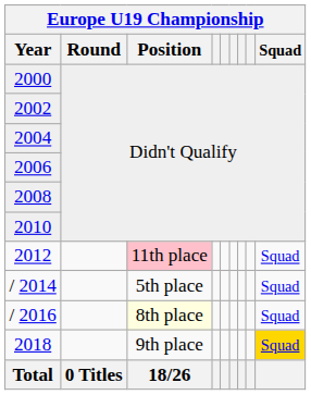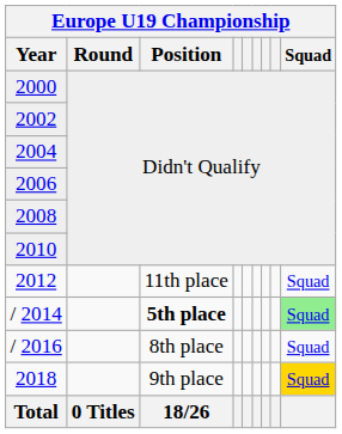 <table class="wikitable" style="text-align: center;">
 <tr>
 <th colspan=9><a href='#'>Europe U19 Championship</a></th>
 </tr>
 <tr>
 <th>Year</th>
 <th>Round</th>
 <th>Position</th>
 <th></th>
 <th></th>
 <th></th>
 <th></th>
 <th></th>
 <th><small>Squad</small></th>
 </tr>
 <tr bgcolor="efefef">
 <td> <a href='#'>2000</a></td>
 <td colspan=8 rowspan=6>Didn't Qualify</td>
 </tr>
 <tr bgcolor="efefef">
 <td> <a href='#'>2002</a></td>
 </tr>
 <tr bgcolor="efefef">
 <td> <a href='#'>2004</a></td>
 </tr>
 <tr bgcolor="efefef">
 <td> <a href='#'>2006</a></td>
 </tr>
 <tr bgcolor="efefef">
 <td> <a href='#'>2008</a></td>
 </tr>
 <tr bgcolor="efefef">
 <td> <a href='#'>2010</a></td>
 </tr>
 <tr>
 <td> <a href='#'>2012</a></td>
 <td></td>
-<td style="background: pink;">11th place</td>
+<td>11th place</td>
 <td></td>
 <td></td>
 <td></td>
 <td></td>
 <td></td>
 <td><small> <a href='#'>Squad</a></small></td>
 </tr>
 <tr>
 <td>/ <a href='#'>2014</a></td>
 <td></td>
-<td>5th place</td>
+<td><strong>5th place</strong></td>
 <td></td>
 <td></td>
 <td></td>
 <td></td>
 <td></td>
-<td><small> <a href='#'>Squad</a></small></td>
+<td style="background: lightgreen;"><small> <a href='#'>Squad</a></small></td>
 </tr>
 <tr>
 <td>/ <a href='#'>2016</a></td>
 <td></td>
-<td style="background: lightyellow;">8th place</td>
+<td>8th place</td>
 <td></td>
 <td></td>
 <td></td>
 <td></td>
 <td></td>
 <td><small> <a href='#'>Squad</a></small></td>
 </tr>
 <tr>
 <td> <a href='#'>2018</a></td>
 <td></td>
 <td>9th place</td>
 <td></td>
 <td></td>
 <td></td>
 <td></td>
 <td></td>
 <td style="background: gold;"><small> <a href='#'>Squad</a></small></td>
 </tr>
 <tr>
 <th>Total</th>
 <th>0 Titles</th>
 <th>18/26</th>
 <th></th>
 <th></th>
 <th></th>
 <th></th>
 <th></th>
 <th></th>
 </tr>
 </table>
